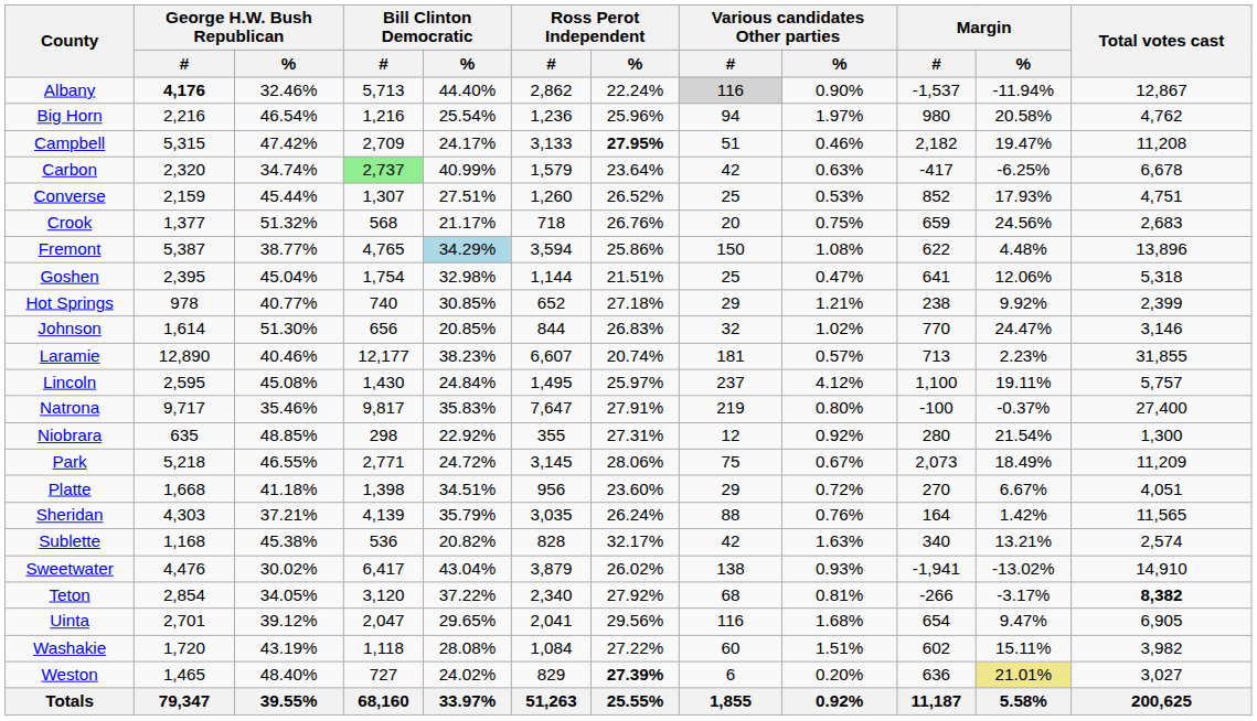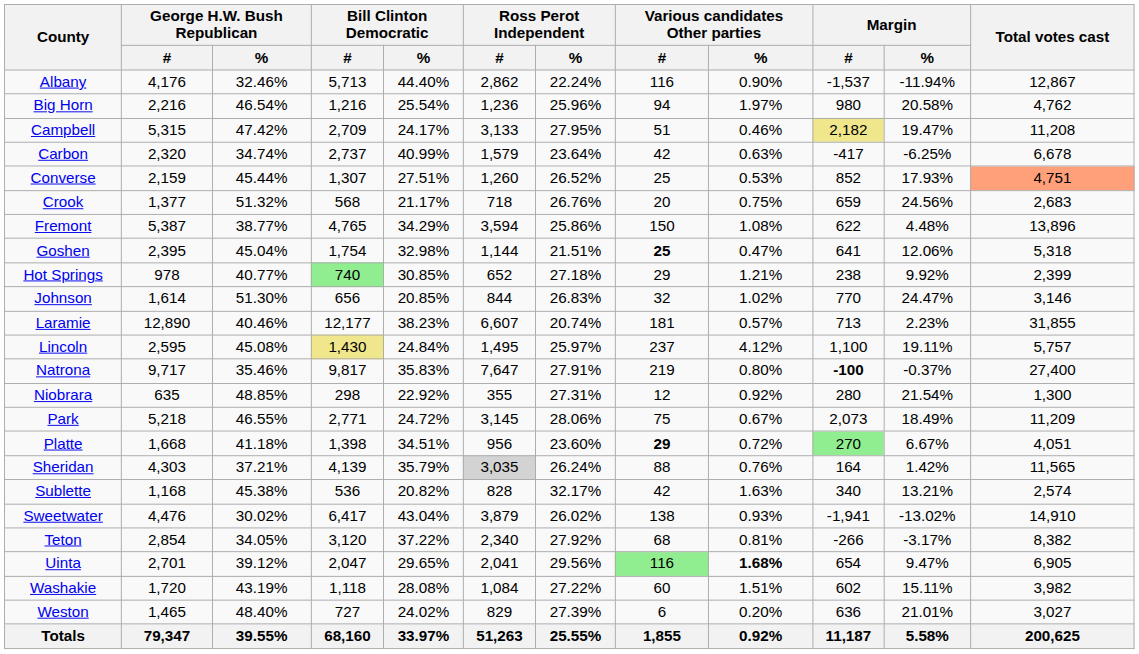 <table width="60%" class="wikitable sortable">
 <tr>
 <th rowspan="2">County</th>
 <th colspan="2">George H.W. Bush<br>Republican</th>
 <th colspan="2">Bill Clinton<br>Democratic</th>
 <th colspan="2">Ross Perot<br>Independent</th>
 <th colspan="2">Various candidates<br>Other parties</th>
 <th colspan="2">Margin</th>
 <th rowspan="2">Total votes cast</th>
 </tr>
 <tr bgcolor="lightgrey">
 <th data-sort-type="number">#</th>
 <th data-sort-type="number">%</th>
 <th data-sort-type="number">#</th>
 <th data-sort-type="number">%</th>
 <th data-sort-type="number">#</th>
 <th data-sort-type="number">%</th>
 <th data-sort-type="number">#</th>
 <th data-sort-type="number">%</th>
 <th data-sort-type="number">#</th>
 <th data-sort-type="number">%</th>
 </tr>
 <tr style="text-align:center;">
 <td><a href='#'>Albany</a></td>
-<td><strong>4,176</strong></td>
+<td>4,176</td>
 <td>32.46%</td>
 <td>5,713</td>
 <td>44.40%</td>
 <td>2,862</td>
 <td>22.24%</td>
-<td style="background: lightgrey;">116</td>
+<td>116</td>
 <td>0.90%</td>
 <td>-1,537</td>
 <td>-11.94%</td>
 <td>12,867</td>
 </tr>
 <tr style="text-align:center;">
 <td><a href='#'>Big Horn</a></td>
 <td>2,216</td>
 <td>46.54%</td>
 <td>1,216</td>
 <td>25.54%</td>
 <td>1,236</td>
 <td>25.96%</td>
 <td>94</td>
 <td>1.97%</td>
 <td>980</td>
 <td>20.58%</td>
 <td>4,762</td>
 </tr>
 <tr style="text-align:center;">
 <td><a href='#'>Campbell</a></td>
 <td>5,315</td>
 <td>47.42%</td>
 <td>2,709</td>
 <td>24.17%</td>
 <td>3,133</td>
-<td><strong>27.95%</strong></td>
+<td>27.95%</td>
 <td>51</td>
 <td>0.46%</td>
-<td>2,182</td>
+<td style="background: khaki;">2,182</td>
 <td>19.47%</td>
 <td>11,208</td>
 </tr>
 <tr style="text-align:center;">
 <td><a href='#'>Carbon</a></td>
 <td>2,320</td>
 <td>34.74%</td>
-<td style="background: lightgreen;">2,737</td>
+<td>2,737</td>
 <td>40.99%</td>
 <td>1,579</td>
 <td>23.64%</td>
 <td>42</td>
 <td>0.63%</td>
 <td>-417</td>
 <td>-6.25%</td>
 <td>6,678</td>
 </tr>
 <tr style="text-align:center;">
 <td><a href='#'>Converse</a></td>
 <td>2,159</td>
 <td>45.44%</td>
 <td>1,307</td>
 <td>27.51%</td>
 <td>1,260</td>
 <td>26.52%</td>
 <td>25</td>
 <td>0.53%</td>
 <td>852</td>
 <td>17.93%</td>
-<td>4,751</td>
+<td style="background: lightsalmon;">4,751</td>
 </tr>
 <tr style="text-align:center;">
 <td><a href='#'>Crook</a></td>
 <td>1,377</td>
 <td>51.32%</td>
 <td>568</td>
 <td>21.17%</td>
 <td>718</td>
 <td>26.76%</td>
 <td>20</td>
 <td>0.75%</td>
 <td>659</td>
 <td>24.56%</td>
 <td>2,683</td>
 </tr>
 <tr style="text-align:center;">
 <td><a href='#'>Fremont</a></td>
 <td>5,387</td>
 <td>38.77%</td>
 <td>4,765</td>
-<td style="background: lightblue;">34.29%</td>
+<td>34.29%</td>
 <td>3,594</td>
 <td>25.86%</td>
 <td>150</td>
 <td>1.08%</td>
 <td>622</td>
 <td>4.48%</td>
 <td>13,896</td>
 </tr>
 <tr style="text-align:center;">
 <td><a href='#'>Goshen</a></td>
 <td>2,395</td>
 <td>45.04%</td>
 <td>1,754</td>
 <td>32.98%</td>
 <td>1,144</td>
 <td>21.51%</td>
-<td>25</td>
+<td><strong>25</strong></td>
 <td>0.47%</td>
 <td>641</td>
 <td>12.06%</td>
 <td>5,318</td>
 </tr>
 <tr style="text-align:center;">
 <td><a href='#'>Hot Springs</a></td>
 <td>978</td>
 <td>40.77%</td>
-<td>740</td>
+<td style="background: lightgreen;">740</td>
 <td>30.85%</td>
 <td>652</td>
 <td>27.18%</td>
 <td>29</td>
 <td>1.21%</td>
 <td>238</td>
 <td>9.92%</td>
 <td>2,399</td>
 </tr>
 <tr style="text-align:center;">
 <td><a href='#'>Johnson</a></td>
 <td>1,614</td>
 <td>51.30%</td>
 <td>656</td>
 <td>20.85%</td>
 <td>844</td>
 <td>26.83%</td>
 <td>32</td>
 <td>1.02%</td>
 <td>770</td>
 <td>24.47%</td>
 <td>3,146</td>
 </tr>
 <tr style="text-align:center;">
 <td><a href='#'>Laramie</a></td>
 <td>12,890</td>
 <td>40.46%</td>
 <td>12,177</td>
 <td>38.23%</td>
 <td>6,607</td>
 <td>20.74%</td>
 <td>181</td>
 <td>0.57%</td>
 <td>713</td>
 <td>2.23%</td>
 <td>31,855</td>
 </tr>
 <tr style="text-align:center;">
 <td><a href='#'>Lincoln</a></td>
 <td>2,595</td>
 <td>45.08%</td>
-<td>1,430</td>
+<td style="background: khaki;">1,430</td>
 <td>24.84%</td>
 <td>1,495</td>
 <td>25.97%</td>
 <td>237</td>
 <td>4.12%</td>
 <td>1,100</td>
 <td>19.11%</td>
 <td>5,757</td>
 </tr>
 <tr style="text-align:center;">
 <td><a href='#'>Natrona</a></td>
 <td>9,717</td>
 <td>35.46%</td>
 <td>9,817</td>
 <td>35.83%</td>
 <td>7,647</td>
 <td>27.91%</td>
 <td>219</td>
 <td>0.80%</td>
-<td>-100</td>
+<td><strong>-100</strong></td>
 <td>-0.37%</td>
 <td>27,400</td>
 </tr>
 <tr style="text-align:center;">
 <td><a href='#'>Niobrara</a></td>
 <td>635</td>
 <td>48.85%</td>
 <td>298</td>
 <td>22.92%</td>
 <td>355</td>
 <td>27.31%</td>
 <td>12</td>
 <td>0.92%</td>
 <td>280</td>
 <td>21.54%</td>
 <td>1,300</td>
 </tr>
 <tr style="text-align:center;">
 <td><a href='#'>Park</a></td>
 <td>5,218</td>
 <td>46.55%</td>
 <td>2,771</td>
 <td>24.72%</td>
 <td>3,145</td>
 <td>28.06%</td>
 <td>75</td>
 <td>0.67%</td>
 <td>2,073</td>
 <td>18.49%</td>
 <td>11,209</td>
 </tr>
 <tr style="text-align:center;">
 <td><a href='#'>Platte</a></td>
 <td>1,668</td>
 <td>41.18%</td>
 <td>1,398</td>
 <td>34.51%</td>
 <td>956</td>
 <td>23.60%</td>
-<td>29</td>
+<td><strong>29</strong></td>
 <td>0.72%</td>
-<td>270</td>
+<td style="background: lightgreen;">270</td>
 <td>6.67%</td>
 <td>4,051</td>
 </tr>
 <tr style="text-align:center;">
 <td><a href='#'>Sheridan</a></td>
 <td>4,303</td>
 <td>37.21%</td>
 <td>4,139</td>
 <td>35.79%</td>
-<td>3,035</td>
+<td style="background: lightgrey;">3,035</td>
 <td>26.24%</td>
 <td>88</td>
 <td>0.76%</td>
 <td>164</td>
 <td>1.42%</td>
 <td>11,565</td>
 </tr>
 <tr style="text-align:center;">
 <td><a href='#'>Sublette</a></td>
 <td>1,168</td>
 <td>45.38%</td>
 <td>536</td>
 <td>20.82%</td>
 <td>828</td>
 <td>32.17%</td>
 <td>42</td>
 <td>1.63%</td>
 <td>340</td>
 <td>13.21%</td>
 <td>2,574</td>
 </tr>
 <tr style="text-align:center;">
 <td><a href='#'>Sweetwater</a></td>
 <td>4,476</td>
 <td>30.02%</td>
 <td>6,417</td>
 <td>43.04%</td>
 <td>3,879</td>
 <td>26.02%</td>
 <td>138</td>
 <td>0.93%</td>
 <td>-1,941</td>
 <td>-13.02%</td>
 <td>14,910</td>
 </tr>
 <tr style="text-align:center;">
 <td><a href='#'>Teton</a></td>
 <td>2,854</td>
 <td>34.05%</td>
 <td>3,120</td>
 <td>37.22%</td>
 <td>2,340</td>
 <td>27.92%</td>
 <td>68</td>
 <td>0.81%</td>
 <td>-266</td>
 <td>-3.17%</td>
-<td><strong>8,382</strong></td>
+<td>8,382</td>
 </tr>
 <tr style="text-align:center;">
 <td><a href='#'>Uinta</a></td>
 <td>2,701</td>
 <td>39.12%</td>
 <td>2,047</td>
 <td>29.65%</td>
 <td>2,041</td>
 <td>29.56%</td>
-<td>116</td>
-<td>1.68%</td>
+<td style="background: lightgreen;">116</td>
+<td><strong>1.68%</strong></td>
 <td>654</td>
 <td>9.47%</td>
 <td>6,905</td>
 </tr>
 <tr style="text-align:center;">
 <td><a href='#'>Washakie</a></td>
 <td>1,720</td>
 <td>43.19%</td>
 <td>1,118</td>
 <td>28.08%</td>
 <td>1,084</td>
 <td>27.22%</td>
 <td>60</td>
 <td>1.51%</td>
 <td>602</td>
 <td>15.11%</td>
 <td>3,982</td>
 </tr>
 <tr style="text-align:center;">
 <td><a href='#'>Weston</a></td>
 <td>1,465</td>
 <td>48.40%</td>
 <td>727</td>
 <td>24.02%</td>
 <td>829</td>
-<td><strong>27.39%</strong></td>
+<td>27.39%</td>
 <td>6</td>
 <td>0.20%</td>
 <td>636</td>
-<td style="background: khaki;">21.01%</td>
+<td>21.01%</td>
 <td>3,027</td>
 </tr>
 <tr style="text-align:center;">
 <th>Totals</th>
 <th>79,347</th>
 <th>39.55%</th>
 <th>68,160</th>
 <th>33.97%</th>
 <th>51,263</th>
 <th>25.55%</th>
 <th>1,855</th>
 <th>0.92%</th>
 <th>11,187</th>
 <th>5.58%</th>
 <th>200,625</th>
 </tr>
 </table>
